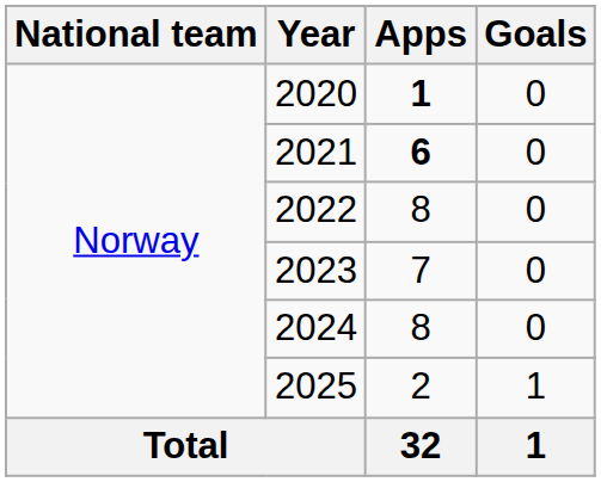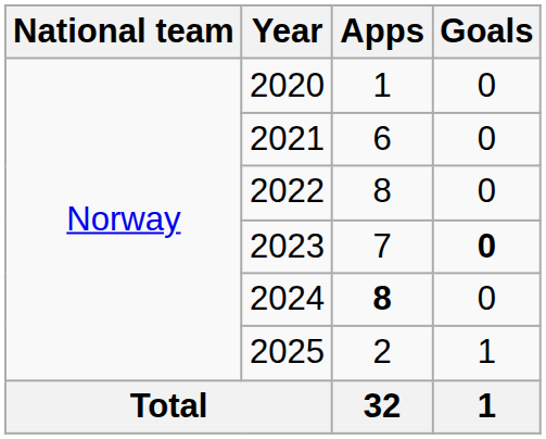 <table class="wikitable" style="text-align:center">
 <tr>
 <th>National team</th>
 <th>Year</th>
 <th>Apps</th>
 <th>Goals</th>
 </tr>
 <tr>
 <td rowspan="6"><a href='#'>Norway</a></td>
 <td>2020</td>
-<td><strong>1</strong></td>
+<td>1</td>
 <td>0</td>
 </tr>
 <tr>
 <td>2021</td>
-<td><strong>6</strong></td>
+<td>6</td>
 <td>0</td>
 </tr>
 <tr>
 <td>2022</td>
 <td>8</td>
 <td>0</td>
 </tr>
 <tr>
 <td>2023</td>
 <td>7</td>
-<td>0</td>
+<td><strong>0</strong></td>
 </tr>
 <tr>
 <td>2024</td>
-<td>8</td>
+<td><strong>8</strong></td>
 <td>0</td>
 </tr>
 <tr>
 <td>2025</td>
 <td>2</td>
 <td>1</td>
 </tr>
 <tr>
 <th colspan="2">Total</th>
 <th>32</th>
 <th>1</th>
 </tr>
 </table>
